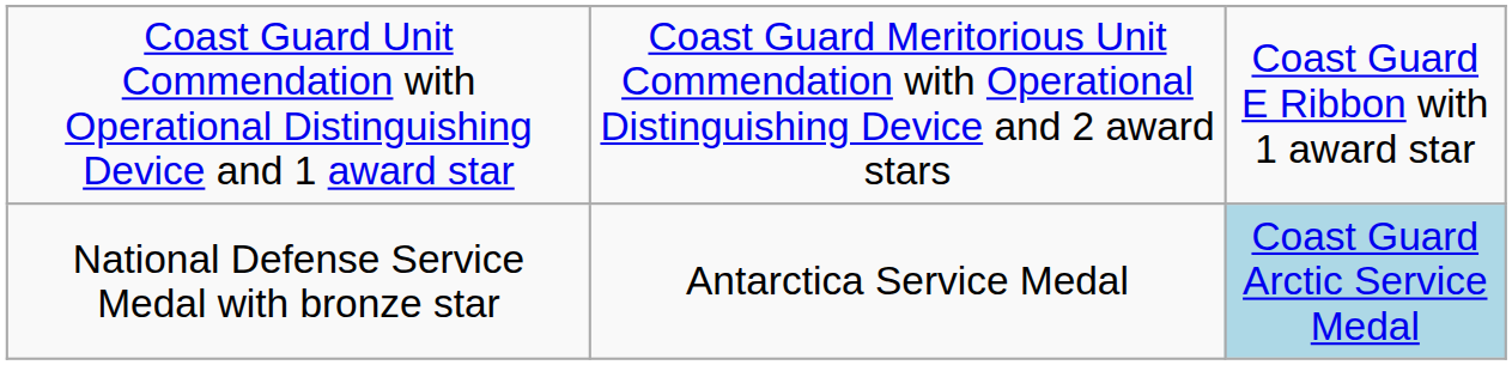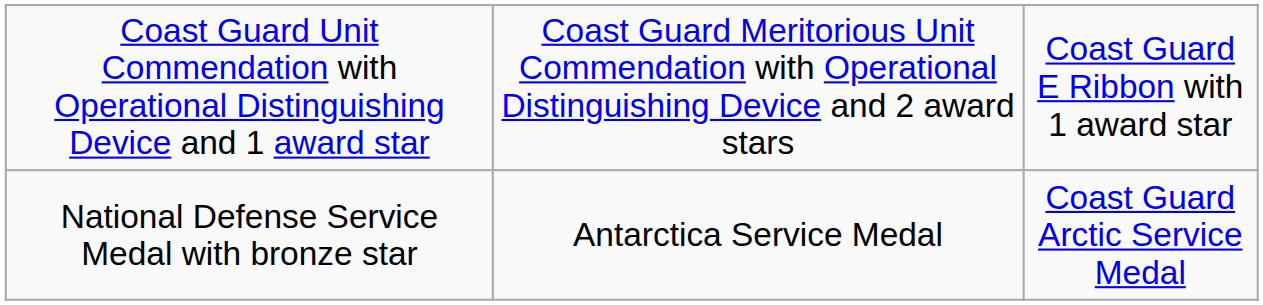 <table class="wikitable" width=600 style="margin:1em auto; text-align:center;">
 <tr>
 <td><a href='#'>Coast Guard Unit Commendation</a> with <a href='#'>Operational Distinguishing Device</a> and 1 <a href='#'>award star</a></td>
 <td><a href='#'>Coast Guard Meritorious Unit Commendation</a> with <a href='#'>Operational Distinguishing Device</a> and 2 award stars</td>
 <td><a href='#'>Coast Guard E Ribbon</a> with 1 award star</td>
 </tr>
 <tr>
 <td>National Defense Service Medal with bronze star</td>
 <td>Antarctica Service Medal</td>
-<td style="background: lightblue;"><a href='#'>Coast Guard Arctic Service Medal</a></td>
+<td><a href='#'>Coast Guard Arctic Service Medal</a></td>
 </tr>
 </table>
